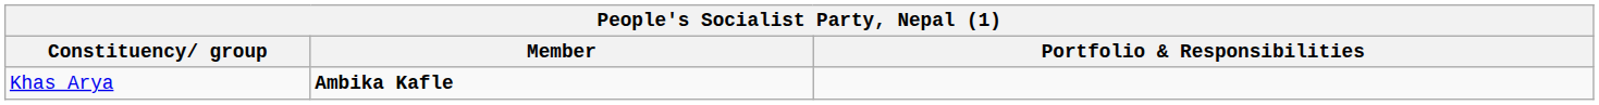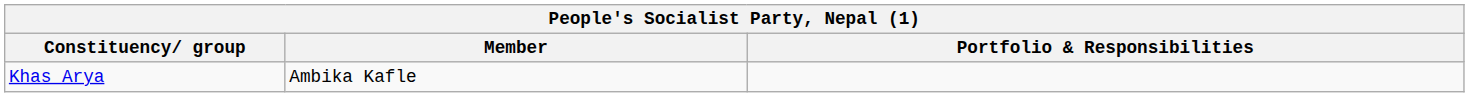 <table class="wikitable sortable">
 <tr>
 <th colspan="3" style="width: 800pt; background:">People's Socialist Party, Nepal (1)</th>
 </tr>
 <tr>
 <th style="width:150pt;">Constituency/ group</th>
 <th style="width:250pt;">Member</th>
 <th>Portfolio & Responsibilities</th>
 </tr>
 <tr>
 <td><a href='#'>Khas Arya</a></td>
-<td><strong>Ambika Kafle</strong></td>
+<td>Ambika Kafle</td>
 <td></td>
 </tr>
 </table>
